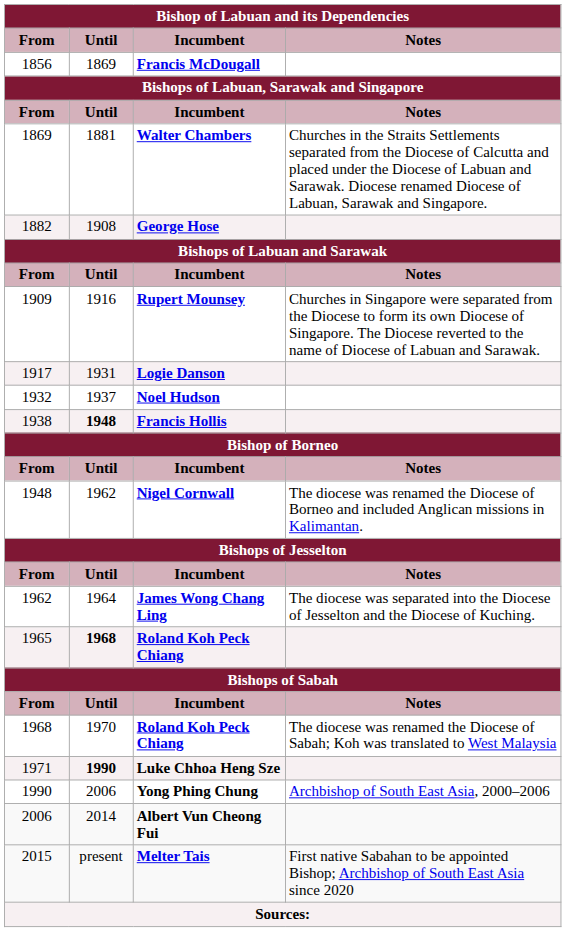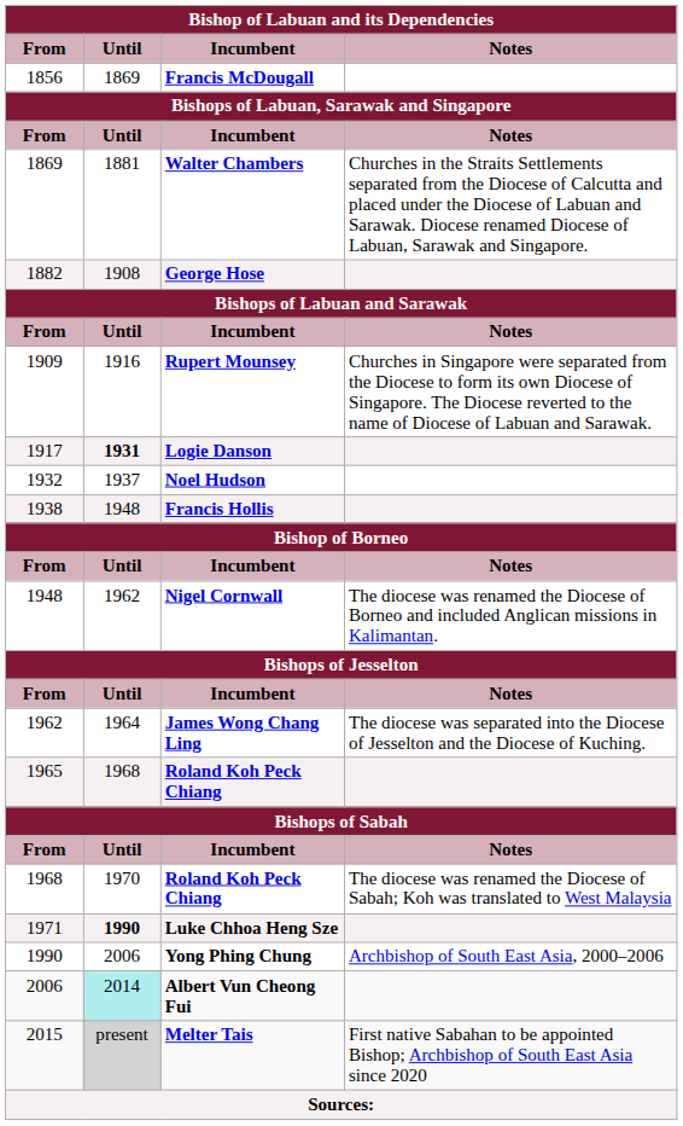 <table class="wikitable" style="width: 95%;">
 <tr>
 <th colspan="4" style="background-color: #7F1734; color: white;">Bishop of Labuan and its Dependencies</th>
 </tr>
 <tr>
 <th style="background-color: #D4B1BB; width: 11%;">From</th>
 <th style="background-color: #D4B1BB; width: 11%;">Until</th>
 <th style="background-color: #D4B1BB; width: 26%;">Incumbent</th>
 <th style="background-color: #D4B1BB; width: 47%;">Notes</th>
 </tr>
 <tr valign="top" style="background-color: white;">
 <td style="text-align: center;">1856</td>
 <td style="text-align: center;">1869</td>
 <td><strong><a href='#'>Francis McDougall</a></strong></td>
 <td></td>
 </tr>
 <tr>
 <th colspan="4" style="background-color: #7F1734; color: white;">Bishops of Labuan, Sarawak and Singapore</th>
 </tr>
 <tr>
 <th style="background-color: #D4B1BB;">From</th>
 <th style="background-color: #D4B1BB;">Until</th>
 <th style="background-color: #D4B1BB;">Incumbent</th>
 <th style="background-color: #D4B1BB;">Notes</th>
 </tr>
 <tr valign="top" style="background-color: white;">
 <td style="text-align: center;">1869</td>
 <td style="text-align: center;">1881</td>
 <td><strong><a href='#'>Walter Chambers</a></strong></td>
 <td>Churches in the Straits Settlements separated from the Diocese of Calcutta and placed under the Diocese of Labuan and Sarawak. Diocese renamed Diocese of Labuan, Sarawak and Singapore.</td>
 </tr>
 <tr valign="top" style="background-color: #F7F0F2;">
 <td style="text-align: center;">1882</td>
 <td style="text-align: center;">1908</td>
 <td><strong><a href='#'>George Hose</a></strong></td>
 <td></td>
 </tr>
 <tr>
 <th colspan="4" style="background-color: #7F1734; color: white;">Bishops of Labuan and Sarawak</th>
 </tr>
 <tr>
 <th style="background-color: #D4B1BB;">From</th>
 <th style="background-color: #D4B1BB;">Until</th>
 <th style="background-color: #D4B1BB;">Incumbent</th>
 <th style="background-color: #D4B1BB;">Notes</th>
 </tr>
 <tr valign="top" style="background-color: white;">
 <td style="text-align: center;">1909</td>
 <td style="text-align: center;">1916</td>
 <td><strong><a href='#'>Rupert Mounsey</a></strong></td>
 <td>Churches in Singapore were separated from the Diocese to form its own Diocese of Singapore. The Diocese reverted to the name of Diocese of Labuan and Sarawak.</td>
 </tr>
 <tr valign="top" style="background-color: #F7F0F2;">
 <td style="text-align: center;">1917</td>
-<td style="text-align: center;">1931</td>
+<td style="text-align: center;"><strong>1931</strong></td>
 <td><strong><a href='#'>Logie Danson</a></strong></td>
 <td></td>
 </tr>
 <tr valign="top" style="background-color: white;">
 <td style="text-align: center;">1932</td>
 <td style="text-align: center;">1937</td>
 <td><strong><a href='#'>Noel Hudson</a></strong></td>
 <td></td>
 </tr>
 <tr valign="top" style="background-color: #F7F0F2;">
 <td style="text-align: center;">1938</td>
-<td style="text-align: center;"><strong>1948</strong></td>
+<td style="text-align: center;">1948</td>
 <td><strong><a href='#'>Francis Hollis</a></strong></td>
 <td></td>
 </tr>
 <tr>
 <th colspan="4" style="background-color: #7F1734; color: white;">Bishop of Borneo</th>
 </tr>
 <tr>
 <th style="background-color: #D4B1BB;">From</th>
 <th style="background-color: #D4B1BB;">Until</th>
 <th style="background-color: #D4B1BB;">Incumbent</th>
 <th style="background-color: #D4B1BB;">Notes</th>
 </tr>
 <tr valign="top" style="background-color: white;">
 <td style="text-align: center;">1948</td>
 <td style="text-align: center;">1962</td>
 <td><strong><a href='#'>Nigel Cornwall</a></strong></td>
 <td>The diocese was renamed the Diocese of Borneo and included Anglican missions in <a href='#'>Kalimantan</a>.</td>
 </tr>
 <tr>
 <th colspan="4" style="background-color: #7F1734; color: white;">Bishops of Jesselton</th>
 </tr>
 <tr>
 <th style="background-color: #D4B1BB;">From</th>
 <th style="background-color: #D4B1BB;">Until</th>
 <th style="background-color: #D4B1BB;">Incumbent</th>
 <th style="background-color: #D4B1BB;">Notes</th>
 </tr>
 <tr valign="top" style="background-color: white;">
 <td style="text-align: center;">1962</td>
 <td style="text-align: center;">1964</td>
 <td><strong><a href='#'>James Wong Chang Ling</a></strong></td>
 <td>The diocese was separated into the Diocese of Jesselton and the Diocese of Kuching.</td>
 </tr>
 <tr valign="top" style="background-color: #F7F0F2;">
 <td style="text-align: center;">1965</td>
-<td style="text-align: center;"><strong>1968</strong></td>
+<td style="text-align: center;">1968</td>
 <td><strong><a href='#'>Roland Koh Peck Chiang</a></strong></td>
 <td></td>
 </tr>
 <tr>
 <th colspan="4" style="background-color: #7F1734; color: white;">Bishops of Sabah</th>
 </tr>
 <tr>
 <th style="background-color: #D4B1BB;">From</th>
 <th style="background-color: #D4B1BB;">Until</th>
 <th style="background-color: #D4B1BB;">Incumbent</th>
 <th style="background-color: #D4B1BB;">Notes</th>
 </tr>
 <tr valign="top" style="background-color: white;">
 <td style="text-align: center;">1968</td>
 <td style="text-align: center;">1970</td>
 <td><strong><a href='#'>Roland Koh Peck Chiang</a></strong></td>
 <td>The diocese was renamed the Diocese of Sabah; Koh was translated to <a href='#'>West Malaysia</a></td>
 </tr>
 <tr valign="top" style="background-color: #F7F0F2;">
 <td style="text-align: center;">1971</td>
 <td style="text-align: center;"><strong>1990</strong></td>
 <td><strong>Luke Chhoa Heng Sze</strong></td>
 <td></td>
 </tr>
 <tr valign="top" style="background-color: white;">
 <td style="text-align: center;">1990</td>
 <td style="text-align: center;">2006</td>
 <td><strong>Yong Phing Chung</strong></td>
 <td><a href='#'>Archbishop of South East Asia</a>, 2000–2006</td>
 </tr>
 <tr valign="top" style="backgrounf-color: white;">
 <td style="text-align: center;">2006</td>
-<td style="text-align: center;">2014</td>
+<td style="background: paleturquoise; text-align: center;">2014</td>
 <td><strong>Albert Vun Cheong Fui</strong></td>
 <td></td>
 </tr>
 <tr valign="top" style="backgrounf-color: white;">
 <td style="text-align: center;">2015</td>
-<td style="text-align: center;">present</td>
+<td style="background: lightgrey; text-align: center;">present</td>
 <td><strong><a href='#'>Melter Tais</a></strong></td>
 <td>First native Sabahan to be appointed Bishop; <a href='#'>Archbishop of South East Asia</a> since 2020</td>
 </tr>
 <tr valign="top" style="background-color: #F7F0F2;">
 <td colspan="5" style="text-align: center;"><strong>Sources: </strong></td>
 </tr>
 </table>
